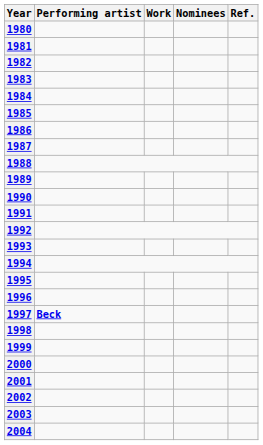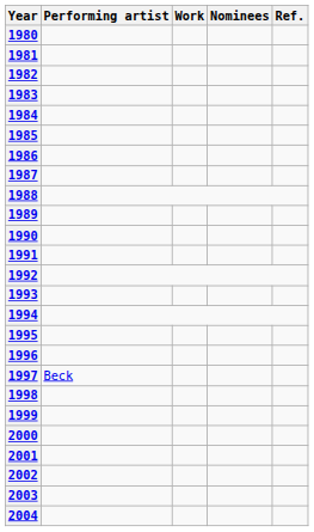 <table class="wikitable sortable plainrowheaders">
 <tr>
 <th scope="col" bgcolor="#efefef">Year</th>
 <th scope="col" bgcolor="#efefef">Performing artist</th>
 <th scope="col" bgcolor="#efefef">Work</th>
 <th scope="col" bgcolor="#efefef" class=unsortable>Nominees</th>
 <th scope="col" bgcolor="#efefef" class=unsortable>Ref.</th>
 </tr>
 <tr>
 <th scope="row" style="text-align:center;"><a href='#'>1980</a></th>
 <td></td>
 <td></td>
 <td></td>
 <td style="text-align:center;"></td>
 </tr>
 <tr>
 <th scope="row" style="text-align:center;"><a href='#'>1981</a></th>
 <td></td>
 <td></td>
 <td></td>
 <td style="text-align:center;"></td>
 </tr>
 <tr>
 <th scope="row" style="text-align:center;"><a href='#'>1982</a></th>
 <td></td>
 <td></td>
 <td></td>
 <td style="text-align:center;"></td>
 </tr>
 <tr>
 <th scope="row" style="text-align:center;"><a href='#'>1983</a></th>
 <td></td>
 <td></td>
 <td></td>
 <td style="text-align:center;"></td>
 </tr>
 <tr>
 <th scope="row" style="text-align:center;"><a href='#'>1984</a></th>
 <td></td>
 <td></td>
 <td></td>
 <td style="text-align:center;"></td>
 </tr>
 <tr>
 <th scope="row" style="text-align:center;"><a href='#'>1985</a></th>
 <td></td>
 <td></td>
 <td></td>
 <td style="text-align:center;"></td>
 </tr>
 <tr>
 <th scope="row" style="text-align:center;"><a href='#'>1986</a></th>
 <td></td>
 <td></td>
 <td></td>
 <td style="text-align:center;"><br></td>
 </tr>
 <tr>
 <th scope="row" style="text-align:center;"><a href='#'>1987</a></th>
 <td></td>
 <td></td>
 <td></td>
 <td style="text-align:center;"></td>
 </tr>
 <tr>
 <th scope="row" style="text-align:center;"><a href='#'>1988</a></th>
 </tr>
 <tr>
 <th scope="row" style="text-align:center;"><a href='#'>1989</a></th>
 <td></td>
 <td></td>
 <td></td>
 <td style="text-align:center;"></td>
 </tr>
 <tr>
 <th scope="row" style="text-align:center;"><a href='#'>1990</a></th>
 <td></td>
 <td></td>
 <td></td>
 <td style="text-align:center;"></td>
 </tr>
 <tr>
 <th scope="row" style="text-align:center;"><a href='#'>1991</a></th>
 <td></td>
 <td></td>
 <td></td>
 <td style="text-align:center;"></td>
 </tr>
 <tr>
 <th scope="row" style="text-align:center;"><a href='#'>1992</a></th>
 </tr>
 <tr>
 <th scope="row" style="text-align:center;"><a href='#'>1993</a></th>
 <td></td>
 <td></td>
 <td></td>
 <td style="text-align:center;"></td>
 </tr>
 <tr>
 <th scope="row" style="text-align:center;"><a href='#'>1994</a></th>
 </tr>
 <tr>
 <th scope="row" style="text-align:center;"><a href='#'>1995</a></th>
 <td></td>
 <td></td>
 <td></td>
 <td style="text-align:center;"></td>
 </tr>
 <tr>
 <th scope="row" style="text-align:center;"><a href='#'>1996</a></th>
 <td></td>
 <td></td>
 <td></td>
 <td style="text-align:center;"></td>
 </tr>
 <tr>
 <th scope="row" style="text-align:center;"><a href='#'>1997</a></th>
-<td><strong><a href='#'>Beck</a></strong></td>
+<td><a href='#'>Beck</a></td>
 <td></td>
 <td></td>
 <td style="text-align:center;"></td>
 </tr>
 <tr>
 <th scope="row" style="text-align:center;"><a href='#'>1998</a></th>
 <td></td>
 <td></td>
 <td></td>
 <td style="text-align:center;"></td>
 </tr>
 <tr>
 <th scope="row" style="text-align:center;"><a href='#'>1999</a></th>
 <td></td>
 <td></td>
 <td></td>
 <td style="text-align:center;"></td>
 </tr>
 <tr>
 <th scope="row" style="text-align:center;"><a href='#'>2000</a></th>
 <td></td>
 <td></td>
 <td></td>
 <td style="text-align:center;"></td>
 </tr>
 <tr>
 <th scope="row" style="text-align:center;"><a href='#'>2001</a></th>
 <td></td>
 <td></td>
 <td></td>
 <td style="text-align:center;"></td>
 </tr>
 <tr>
 <th scope="row" style="text-align:center;"><a href='#'>2002</a></th>
 <td></td>
 <td></td>
 <td></td>
 <td style="text-align:center;"></td>
 </tr>
 <tr>
 <th scope="row" style="text-align:center;"><a href='#'>2003</a></th>
 <td></td>
 <td></td>
 <td></td>
 <td style="text-align:center;"></td>
 </tr>
 <tr>
 <th scope="row" style="text-align:center;"><a href='#'>2004</a></th>
 <td></td>
 <td></td>
 <td></td>
 <td style="text-align:center;"></td>
 </tr>
 </table>
